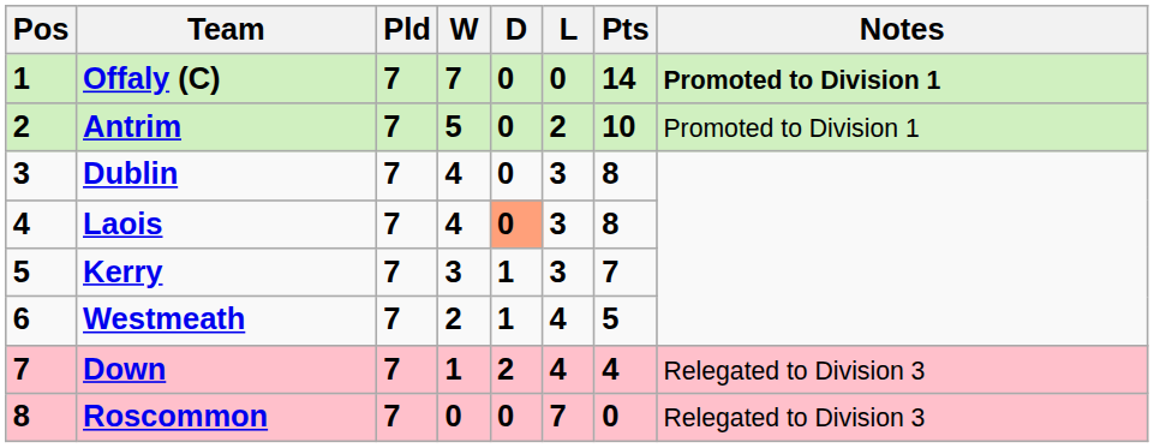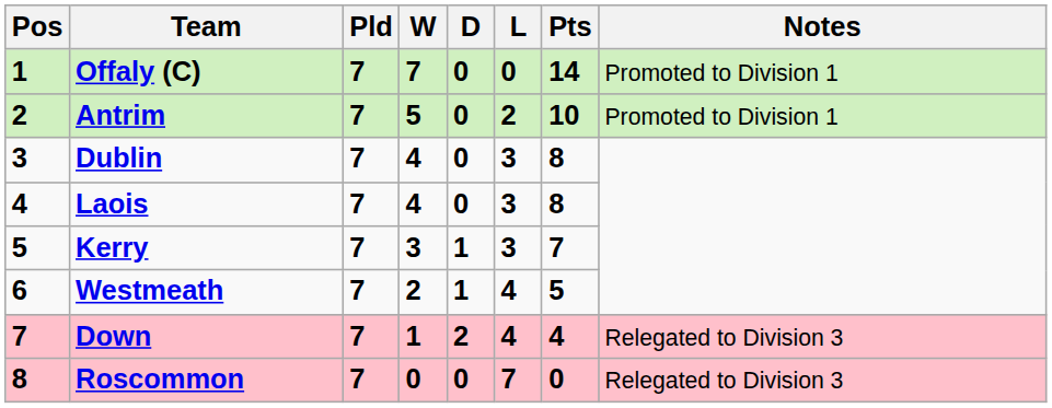 <table class="wikitable" style="text-align: centre;">
 <tr>
 <th width=20>Pos</th>
 <th width=150>Team</th>
 <th width=20>Pld</th>
 <th width=20>W</th>
 <th width=20>D</th>
 <th width=20>L</th>
 <th width=20>Pts</th>
 <th width=250>Notes</th>
 </tr>
 <tr style="background:#D0F0C0;">
 <td><strong>1</strong></td>
 <td align=left><strong> <a href='#'>Offaly</a> (C)</strong></td>
 <td><strong>7</strong></td>
 <td><strong>7</strong></td>
 <td><strong>0</strong></td>
 <td><strong>0</strong></td>
 <td><strong>14</strong></td>
-<td><strong><small> Promoted to Division 1</small></strong></td>
+<td><small> Promoted to Division 1</small></td>
 </tr>
 <tr style="background:#D0F0C0;">
 <td><strong>2</strong></td>
 <td align=left><strong> <a href='#'>Antrim</a> </strong></td>
 <td><strong>7</strong></td>
 <td><strong>5</strong></td>
 <td><strong>0</strong></td>
 <td><strong>2</strong></td>
 <td><strong>10</strong></td>
 <td><small> Promoted to Division 1</small></td>
 </tr>
 <tr>
 <td><strong>3</strong></td>
 <td align=left><strong> <a href='#'>Dublin</a> </strong></td>
 <td><strong>7</strong></td>
 <td><strong>4</strong></td>
 <td><strong>0</strong></td>
 <td><strong>3</strong></td>
 <td><strong>8</strong></td>
 </tr>
 <tr>
 <td><strong>4</strong></td>
 <td align=left><strong> <a href='#'>Laois</a> </strong></td>
 <td><strong>7</strong></td>
 <td><strong>4</strong></td>
-<td style="background: lightsalmon;"><strong>0</strong></td>
+<td><strong>0</strong></td>
 <td><strong>3</strong></td>
 <td><strong>8</strong></td>
 </tr>
 <tr>
 <td><strong>5</strong></td>
 <td align=left><strong> <a href='#'>Kerry</a> </strong></td>
 <td><strong>7</strong></td>
 <td><strong>3</strong></td>
 <td><strong>1</strong></td>
 <td><strong>3</strong></td>
 <td><strong>7</strong></td>
 </tr>
 <tr>
 <td><strong>6</strong></td>
 <td align=left><strong> <a href='#'>Westmeath</a> </strong></td>
 <td><strong>7</strong></td>
 <td><strong>2</strong></td>
 <td><strong>1</strong></td>
 <td><strong>4</strong></td>
 <td><strong>5</strong></td>
 </tr>
 <tr style="background:#FFC0CB;">
 <td><strong>7</strong></td>
 <td align=left><strong> <a href='#'>Down</a> </strong></td>
 <td><strong>7</strong></td>
 <td><strong>1</strong></td>
 <td><strong>2</strong></td>
 <td><strong>4</strong></td>
 <td><strong>4</strong></td>
 <td><small>Relegated to Division 3</small></td>
 </tr>
 <tr style="background:#FFC0CB;">
 <td><strong>8</strong></td>
 <td align=left><strong> <a href='#'>Roscommon</a> </strong></td>
 <td><strong>7</strong></td>
 <td><strong>0</strong></td>
 <td><strong>0</strong></td>
 <td><strong>7</strong></td>
 <td><strong>0</strong></td>
 <td><small>Relegated to Division 3</small></td>
 </tr>
 </table>
